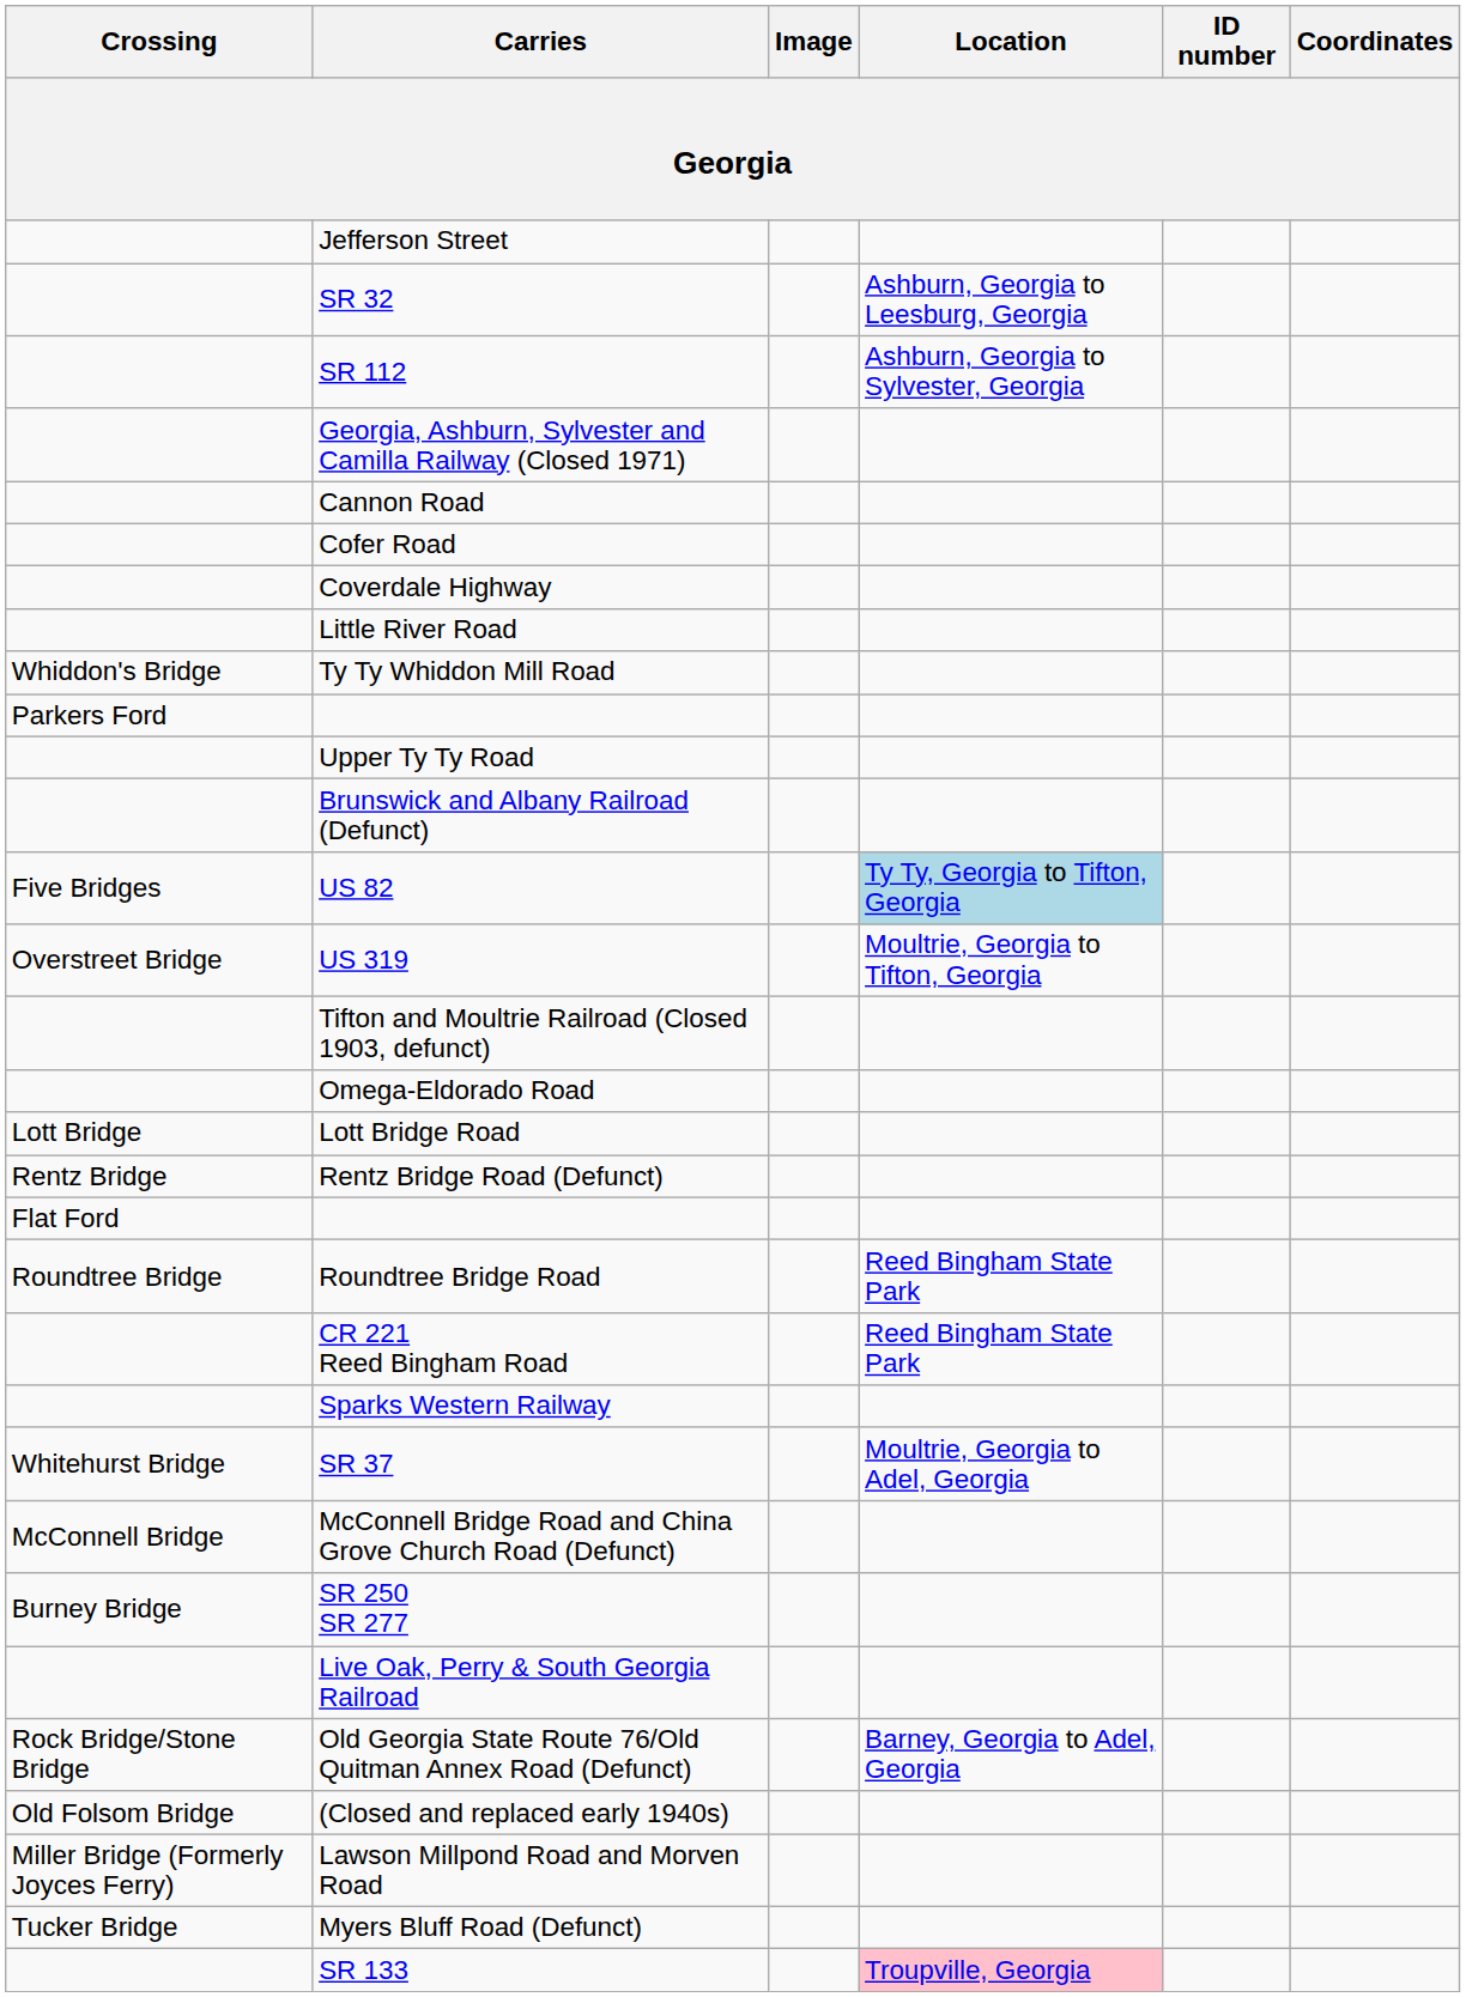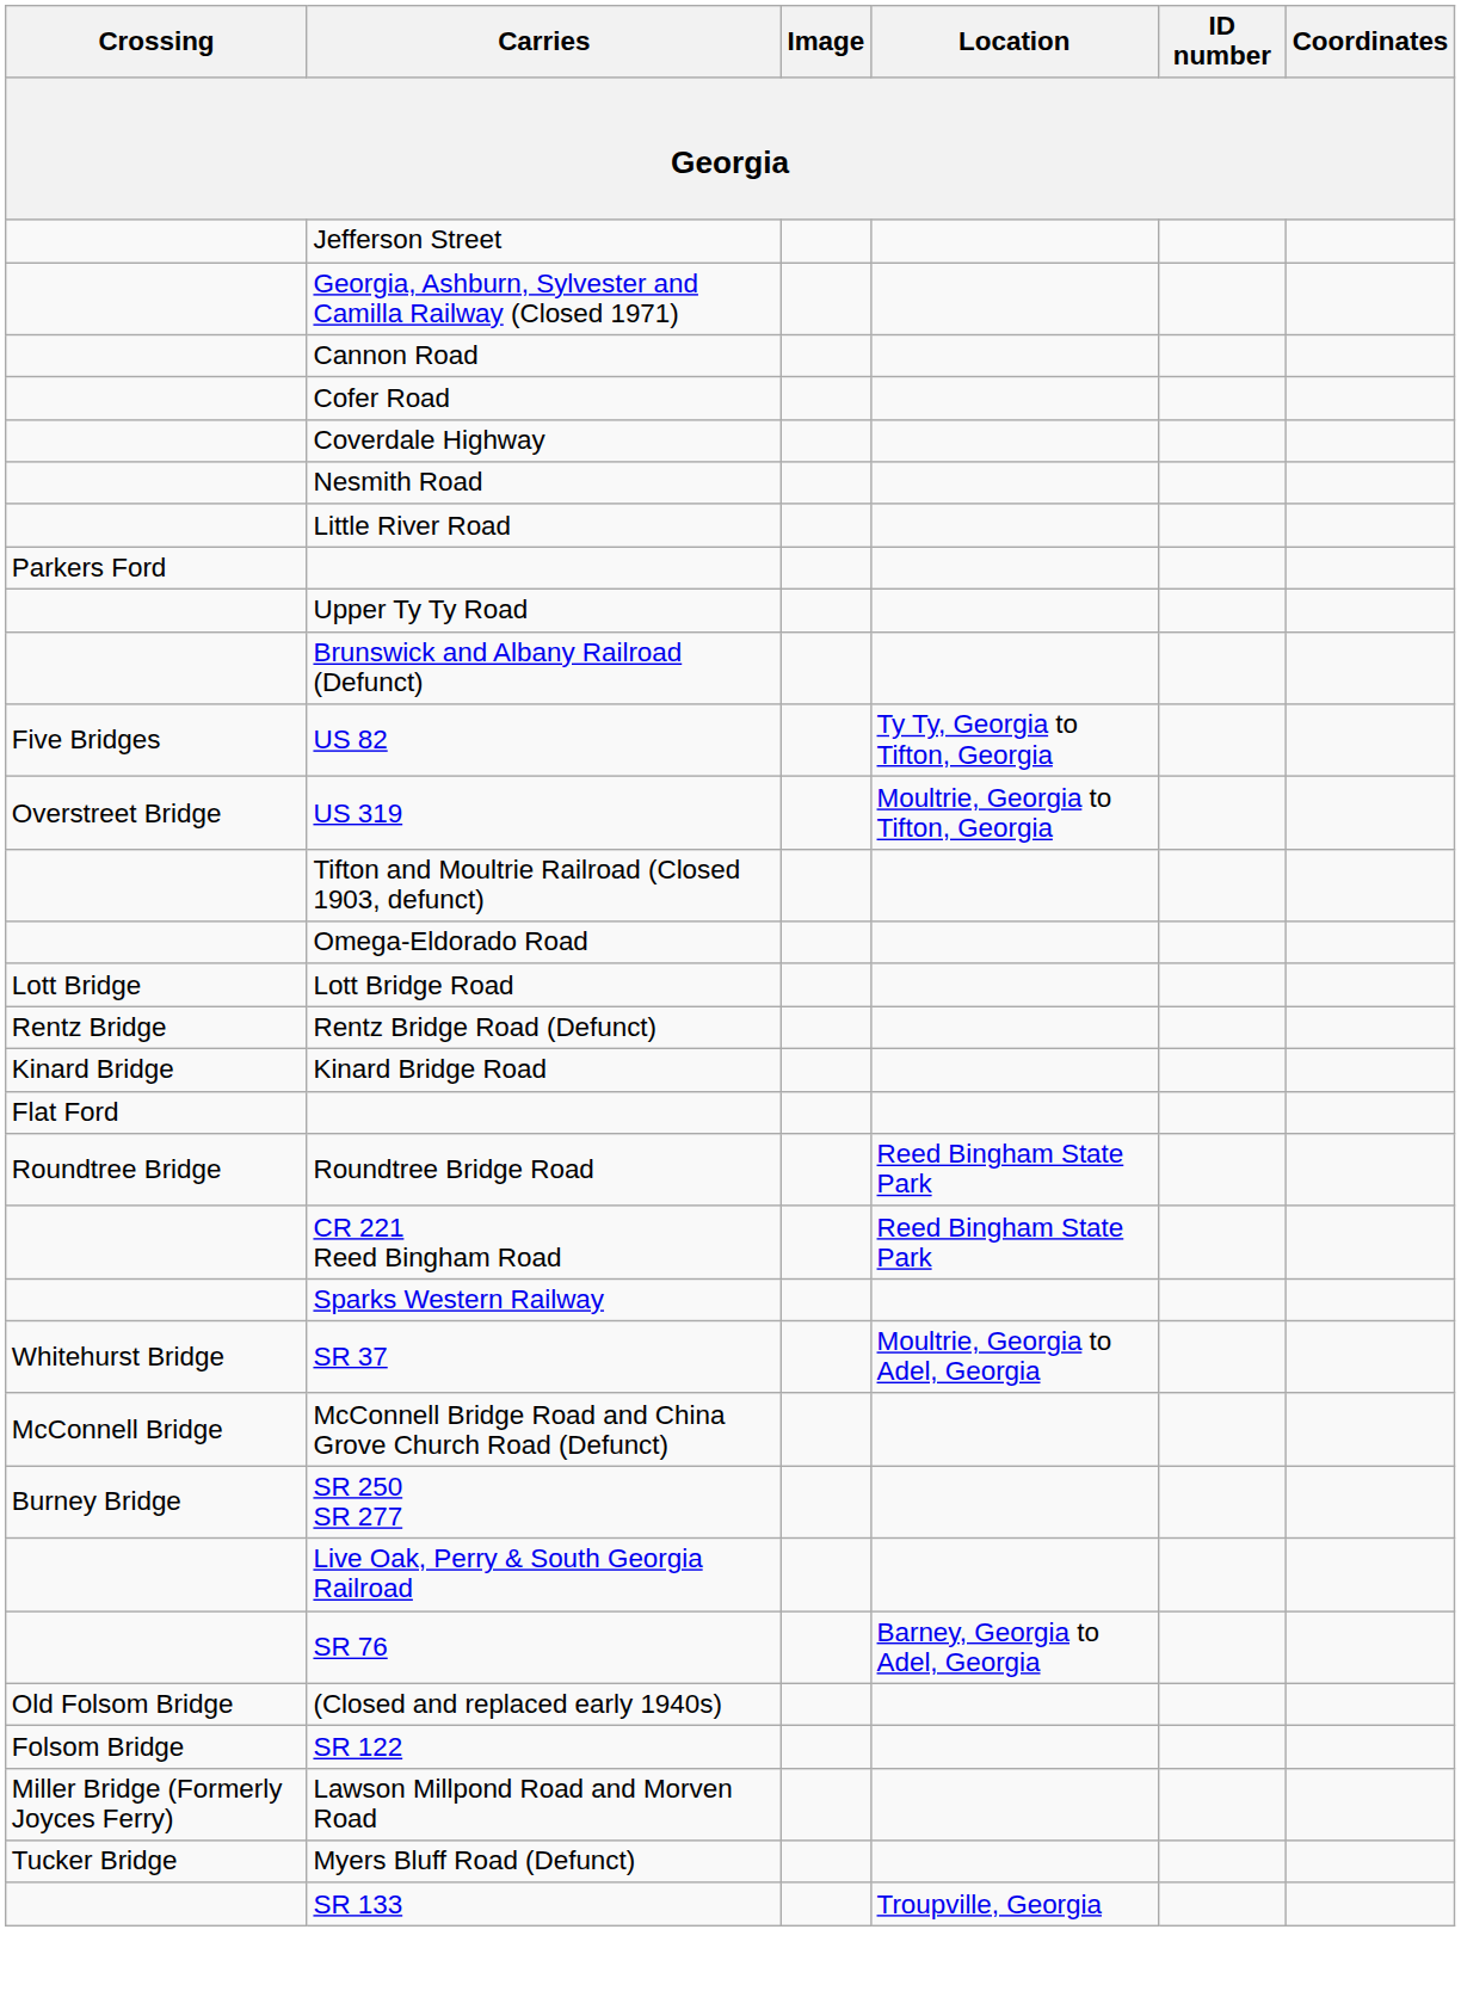 <table class=wikitable>
 <tr>
 <th>Crossing</th>
 <th>Carries</th>
 <th>Image</th>
 <th>Location</th>
 <th>ID number</th>
 <th>Coordinates</th>
 </tr>
 <tr>
 <th colspan=6><br><h3>Georgia</h3></th>
 </tr>
 <tr>
 <td></td>
 <td>Jefferson Street</td>
 <td></td>
 <td></td>
-<td></td>
-<td></td>
-</tr>
-<tr>
-<td></td>
-<td><a href='#'>SR 32</a></td>
-<td></td>
-<td><a href='#'>Ashburn, Georgia</a> to <a href='#'>Leesburg, Georgia</a></td>
-<td></td>
-<td></td>
-</tr>
-<tr>
-<td></td>
-<td><a href='#'>SR 112</a></td>
-<td></td>
-<td><a href='#'>Ashburn, Georgia</a> to <a href='#'>Sylvester, Georgia</a></td>
 <td></td>
 <td></td>
 </tr>
 <tr>
 <td></td>
 <td><a href='#'>Georgia, Ashburn, Sylvester and Camilla Railway</a> (Closed 1971)</td>
 <td></td>
 <td></td>
 <td></td>
 <td></td>
 </tr>
 <tr>
 <td></td>
 <td>Cannon Road</td>
 <td></td>
 <td></td>
 <td></td>
 <td></td>
 </tr>
 <tr>
 <td></td>
 <td>Cofer Road</td>
 <td></td>
 <td></td>
 <td></td>
 <td></td>
 </tr>
 <tr>
 <td></td>
 <td>Coverdale Highway</td>
 <td></td>
 <td></td>
 <td></td>
 <td></td>
 </tr>
 <tr>
 <td></td>
-<td>Little River Road</td>
+<td>Nesmith Road</td>
 <td></td>
 <td></td>
 <td></td>
 <td></td>
 </tr>
 <tr>
-<td>Whiddon's Bridge</td>
-<td>Ty Ty Whiddon Mill Road</td>
+<td></td>
+<td>Little River Road</td>
 <td></td>
 <td></td>
 <td></td>
 <td></td>
 </tr>
 <tr>
 <td>Parkers Ford</td>
 <td></td>
 <td></td>
 <td></td>
 <td></td>
 <td></td>
 </tr>
 <tr>
 <td></td>
 <td>Upper Ty Ty Road</td>
 <td></td>
 <td></td>
 <td></td>
 <td></td>
 </tr>
 <tr>
 <td></td>
 <td><a href='#'>Brunswick and Albany Railroad</a> (Defunct)</td>
 <td></td>
 <td></td>
 <td></td>
 <td></td>
 </tr>
 <tr>
 <td>Five Bridges</td>
 <td> <a href='#'>US 82</a></td>
 <td></td>
-<td style="background: lightblue;"><a href='#'>Ty Ty, Georgia</a> to <a href='#'>Tifton, Georgia</a></td>
+<td><a href='#'>Ty Ty, Georgia</a> to <a href='#'>Tifton, Georgia</a></td>
 <td></td>
 <td></td>
 </tr>
 <tr>
 <td>Overstreet Bridge</td>
 <td> <a href='#'>US 319</a></td>
 <td></td>
 <td><a href='#'>Moultrie, Georgia</a> to <a href='#'>Tifton, Georgia</a></td>
 <td></td>
 <td></td>
 </tr>
 <tr>
 <td></td>
 <td>Tifton and Moultrie Railroad (Closed 1903, defunct)</td>
 <td></td>
 <td></td>
 <td></td>
 <td></td>
 </tr>
 <tr>
 <td></td>
 <td>Omega-Eldorado Road</td>
 <td></td>
 <td></td>
 <td></td>
 <td></td>
 </tr>
 <tr>
 <td>Lott Bridge</td>
 <td>Lott Bridge Road</td>
 <td></td>
 <td></td>
 <td></td>
 <td></td>
 </tr>
 <tr>
 <td>Rentz Bridge</td>
 <td>Rentz Bridge Road (Defunct)</td>
+<td></td>
+<td></td>
+<td></td>
+<td></td>
+</tr>
+<tr>
+<td>Kinard Bridge</td>
+<td>Kinard Bridge Road</td>
 <td></td>
 <td></td>
 <td></td>
 <td></td>
 </tr>
 <tr>
 <td>Flat Ford</td>
 <td></td>
 <td></td>
 <td></td>
 <td></td>
 <td></td>
 </tr>
 <tr>
 <td>Roundtree Bridge</td>
 <td>Roundtree Bridge Road</td>
 <td></td>
 <td><a href='#'>Reed Bingham State Park</a></td>
 <td></td>
 <td></td>
 </tr>
 <tr>
 <td></td>
 <td> <a href='#'>CR 221</a> <br> Reed Bingham Road</td>
 <td></td>
 <td><a href='#'>Reed Bingham State Park</a></td>
 <td></td>
 <td></td>
 </tr>
 <tr>
 <td></td>
 <td><a href='#'>Sparks Western Railway</a></td>
 <td></td>
 <td></td>
 <td></td>
 <td></td>
 </tr>
 <tr>
 <td>Whitehurst Bridge</td>
 <td> <a href='#'>SR 37</a></td>
 <td></td>
 <td><a href='#'>Moultrie, Georgia</a> to <a href='#'>Adel, Georgia</a></td>
 <td></td>
 <td></td>
 </tr>
 <tr>
 <td>McConnell Bridge</td>
 <td>McConnell Bridge Road and China Grove Church Road (Defunct)</td>
 <td></td>
 <td></td>
 <td></td>
 <td></td>
 </tr>
 <tr>
 <td>Burney Bridge</td>
 <td> <a href='#'>SR 250</a> <br> <a href='#'>SR 277</a></td>
 <td></td>
 <td></td>
 <td></td>
 <td></td>
 </tr>
 <tr>
 <td></td>
 <td><a href='#'>Live Oak, Perry & South Georgia Railroad</a></td>
 <td></td>
 <td></td>
 <td></td>
 <td></td>
 </tr>
 <tr>
-<td>Rock Bridge/Stone Bridge</td>
-<td>Old Georgia State Route 76/Old Quitman Annex Road (Defunct)</td>
+<td></td>
+<td> <a href='#'>SR 76</a></td>
 <td></td>
 <td><a href='#'>Barney, Georgia</a> to <a href='#'>Adel, Georgia</a></td>
 <td></td>
 <td></td>
 </tr>
 <tr>
 <td>Old Folsom Bridge</td>
 <td>(Closed and replaced early 1940s)</td>
+<td></td>
+<td></td>
+<td></td>
+<td></td>
+</tr>
+<tr>
+<td>Folsom Bridge</td>
+<td> <a href='#'>SR 122</a></td>
 <td></td>
 <td></td>
 <td></td>
 <td></td>
 </tr>
 <tr>
 <td>Miller Bridge (Formerly Joyces Ferry)</td>
 <td>Lawson Millpond Road and Morven Road</td>
 <td></td>
 <td></td>
 <td></td>
 <td></td>
 </tr>
 <tr>
 <td>Tucker Bridge</td>
 <td>Myers Bluff Road (Defunct)</td>
 <td></td>
 <td></td>
 <td></td>
 <td></td>
 </tr>
 <tr>
 <td></td>
 <td> <a href='#'>SR 133</a></td>
 <td></td>
-<td style="background: pink;"><a href='#'>Troupville, Georgia</a></td>
+<td><a href='#'>Troupville, Georgia</a></td>
 <td></td>
 <td></td>
 </tr>
 </table>
